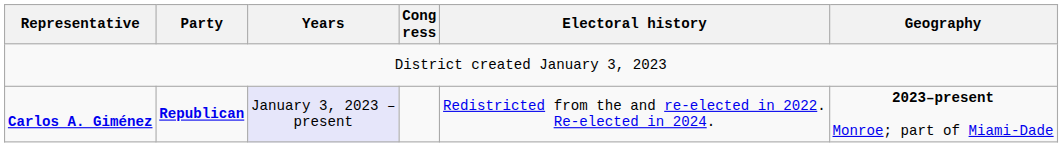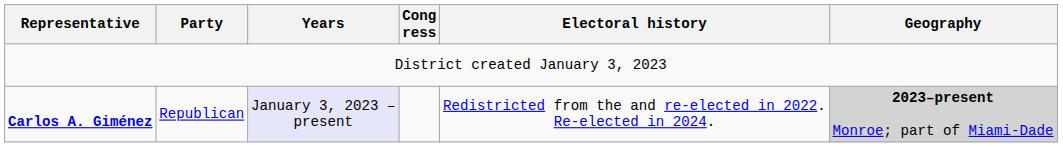 <table class="wikitable" style="text-align:center">
 <tr>
 <th>Representative</th>
 <th>Party</th>
 <th>Years</th>
 <th>Cong<br>ress</th>
 <th>Electoral history</th>
 <th>Geography</th>
 </tr>
 <tr style="height:3em">
 <td colspan=6>District created January 3, 2023</td>
 </tr>
 <tr style="height:3em">
 <td align=left><br><strong><a href='#'>Carlos A. Giménez</a></strong><br></td>
-<td><strong><a href='#'>Republican</a></strong></td>
+<td><a href='#'>Republican</a></td>
 <td nowrap style="background: lavender;">January 3, 2023 –<br>present</td>
 <td></td>
 <td><a href='#'>Redistricted</a> from the  and <a href='#'>re-elected in 2022</a>.<br><a href='#'>Re-elected in 2024</a>.</td>
-<td><strong>2023–present</strong><br><br><a href='#'>Monroe</a>; part of <a href='#'>Miami-Dade</a></td>
+<td style="background: lightgrey;"><strong>2023–present</strong><br><br><a href='#'>Monroe</a>; part of <a href='#'>Miami-Dade</a></td>
 </tr>
 </table>
